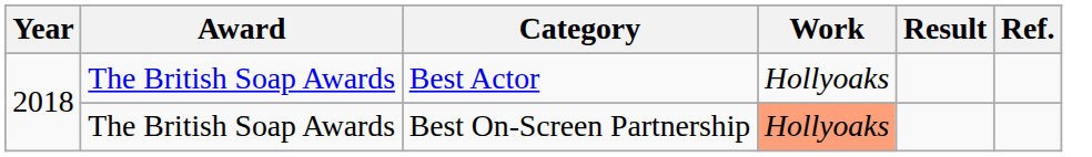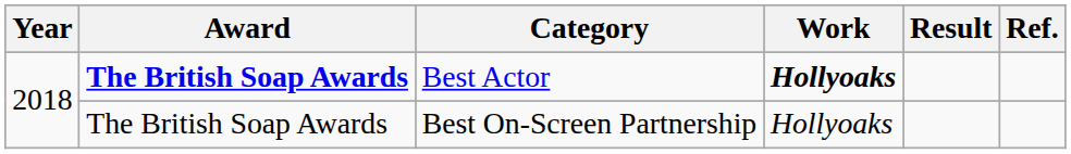 <table class="wikitable plainrowheaders sortable">
 <tr>
 <th>Year</th>
 <th>Award</th>
 <th>Category</th>
 <th>Work</th>
 <th>Result</th>
 <th>Ref.</th>
 </tr>
 <tr>
 <td rowspan="2">2018</td>
-<td><a href='#'>The British Soap Awards</a></td>
+<td><strong><a href='#'>The British Soap Awards</a></strong></td>
 <td><a href='#'>Best Actor</a></td>
-<td><em>Hollyoaks</em></td>
+<td><strong><em>Hollyoaks</em></strong></td>
 <td></td>
 <td align="center"></td>
 </tr>
 <tr>
 <td>The British Soap Awards</td>
 <td>Best On-Screen Partnership</td>
-<td style="background: lightsalmon;"><em>Hollyoaks</em></td>
+<td><em>Hollyoaks</em></td>
 <td></td>
 <td align="center"></td>
 </tr>
 </table>
